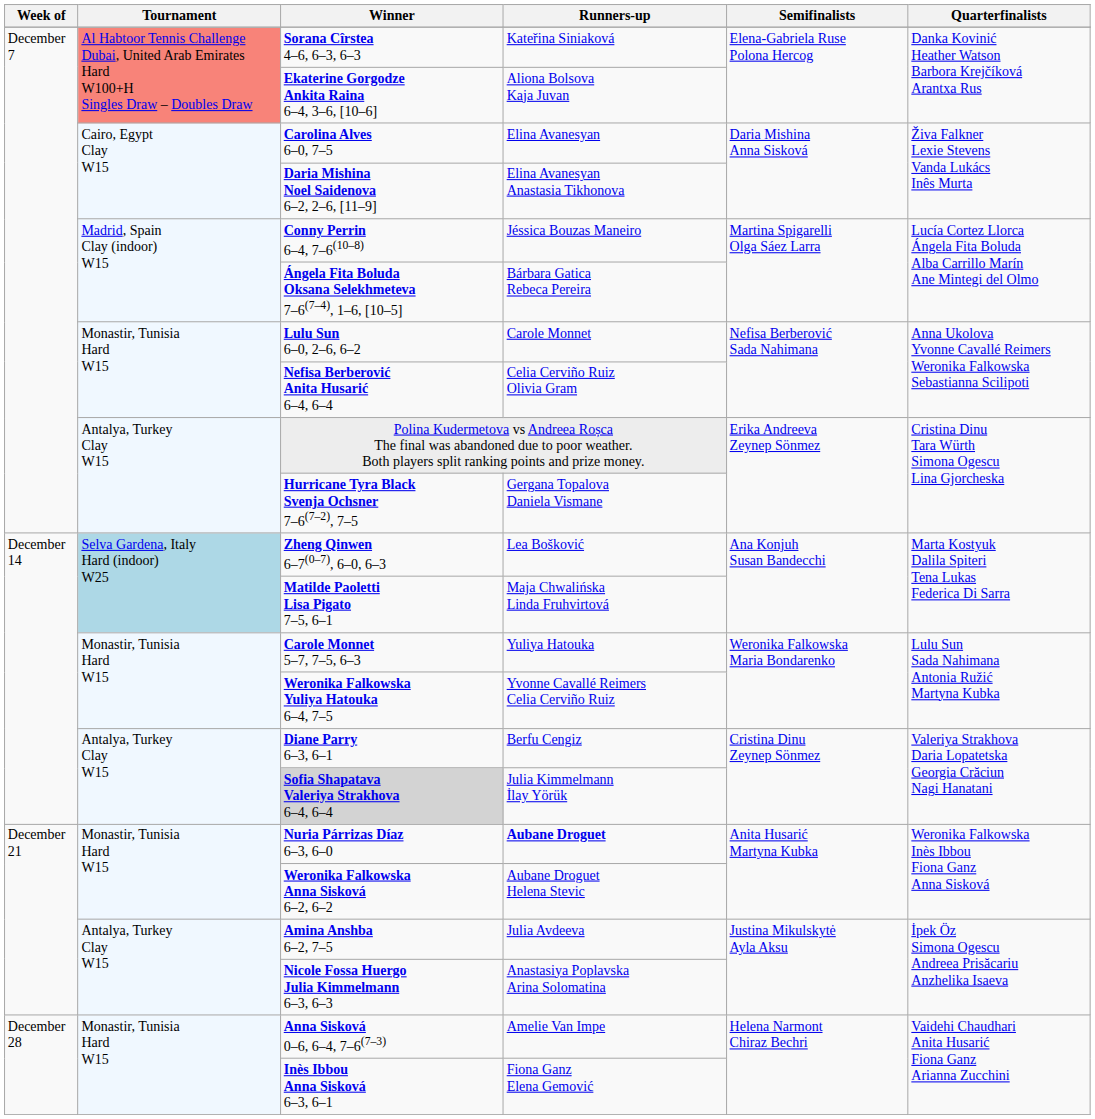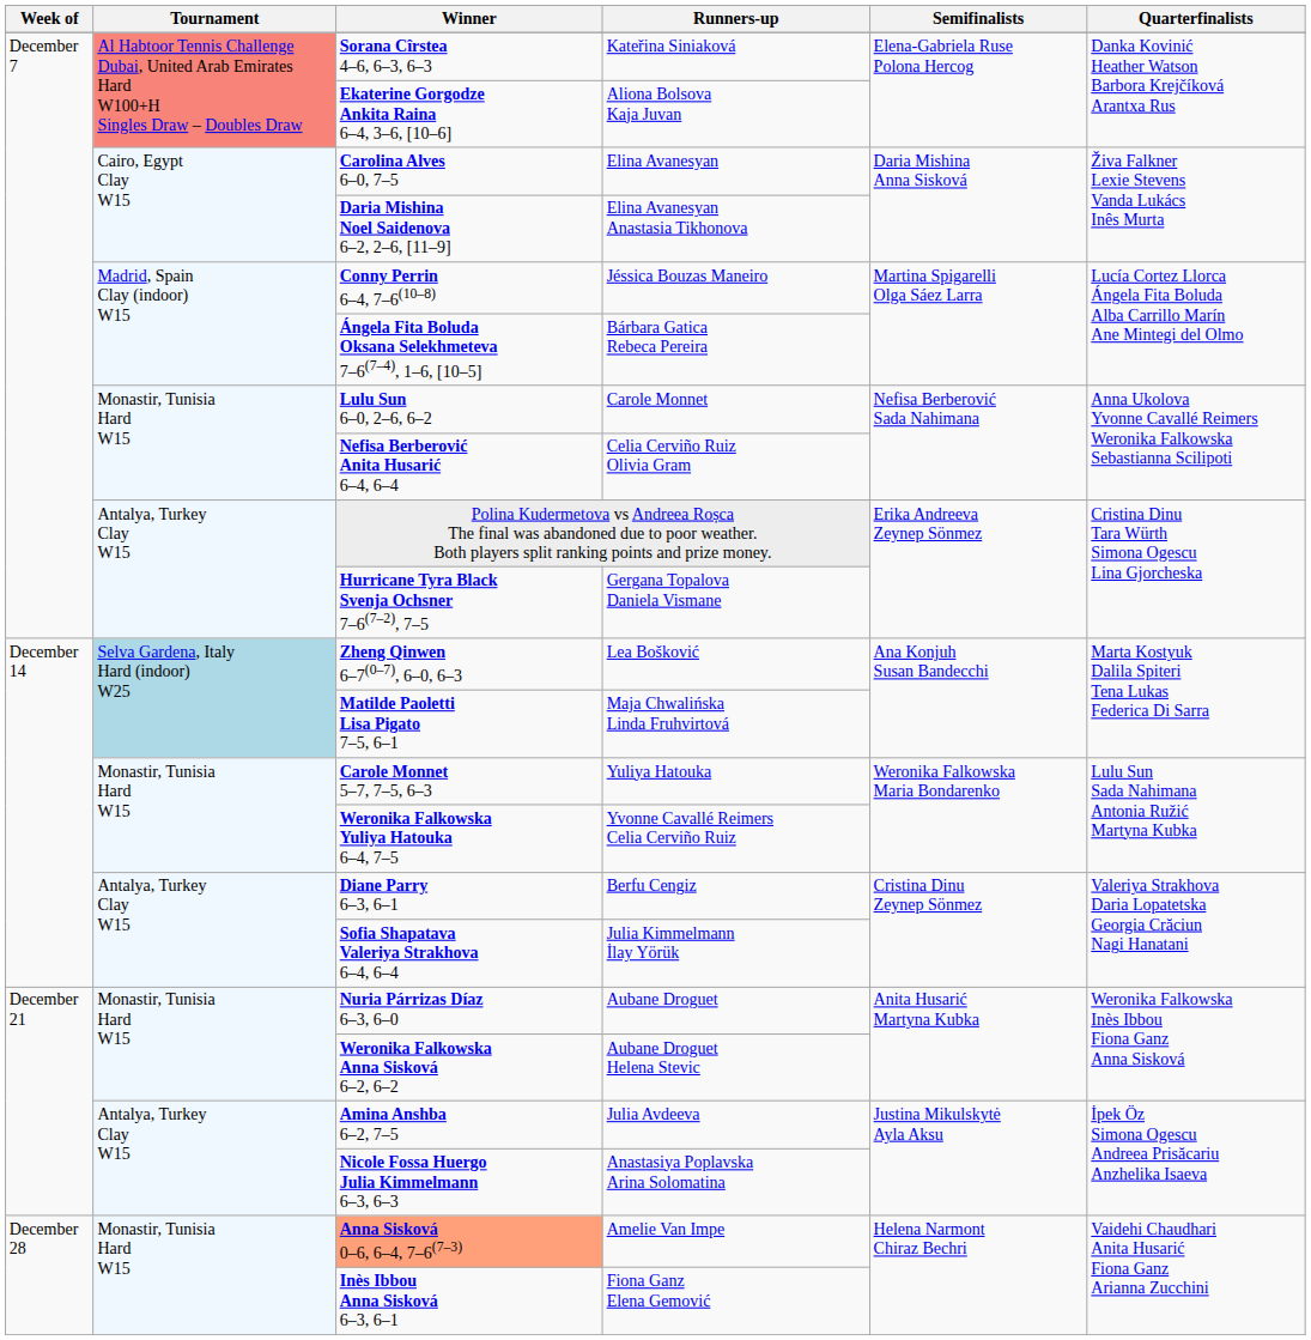 <table class="wikitable" style="font-size:85%;">
 <tr>
 <th width="65">Week of</th>
 <th style="width:190px;">Tournament</th>
 <th style="width:210px;">Winner</th>
 <th style="width:210px;">Runners-up</th>
 <th style="width:170px;">Semifinalists</th>
 <th style="width:170px;">Quarterfinalists</th>
 </tr>
 <tr style="vertical-align:top">
 </tr>
 <tr style="vertical-align:top">
 <td rowspan=11>December 7</td>
 </tr>
 <tr style="vertical-align:top">
 <td rowspan="2" style="background:#f88379;"><a href='#'>Al Habtoor Tennis Challenge</a> <br> <a href='#'>Dubai</a>, United Arab Emirates <br> Hard <br> W100+H <br> <a href='#'>Singles Draw</a> – <a href='#'>Doubles Draw</a></td>
 <td><strong> <a href='#'>Sorana Cîrstea</a></strong> <br> 4–6, 6–3, 6–3</td>
 <td> <a href='#'>Kateřina Siniaková</a></td>
 <td rowspan=2> <a href='#'>Elena-Gabriela Ruse</a> <br>  <a href='#'>Polona Hercog</a></td>
 <td rowspan=2> <a href='#'>Danka Kovinić</a> <br>  <a href='#'>Heather Watson</a> <br>  <a href='#'>Barbora Krejčíková</a> <br>  <a href='#'>Arantxa Rus</a></td>
 </tr>
 <tr style="vertical-align:top">
 <td> <strong><a href='#'>Ekaterine Gorgodze</a></strong> <br>  <strong><a href='#'>Ankita Raina</a></strong> <br> 6–4, 3–6, [10–6]</td>
 <td> <a href='#'>Aliona Bolsova</a> <br>  <a href='#'>Kaja Juvan</a></td>
 </tr>
 <tr style="vertical-align:top">
 <td rowspan="2" style="background:#f0f8ff;">Cairo, Egypt <br> Clay <br> W15 <br> </td>
 <td><strong> <a href='#'>Carolina Alves</a></strong> <br> 6–0, 7–5</td>
 <td> <a href='#'>Elina Avanesyan</a></td>
 <td rowspan=2> <a href='#'>Daria Mishina</a> <br>  <a href='#'>Anna Sisková</a></td>
 <td rowspan=2> <a href='#'>Živa Falkner</a> <br>  <a href='#'>Lexie Stevens</a> <br>  <a href='#'>Vanda Lukács</a> <br>  <a href='#'>Inês Murta</a></td>
 </tr>
 <tr style="vertical-align:top">
 <td><strong> <a href='#'>Daria Mishina</a> <br>  <a href='#'>Noel Saidenova</a></strong> <br> 6–2, 2–6, [11–9]</td>
 <td> <a href='#'>Elina Avanesyan</a> <br>  <a href='#'>Anastasia Tikhonova</a></td>
 </tr>
 <tr style="vertical-align:top">
 <td rowspan="2" style="background:#f0f8ff;"><a href='#'>Madrid</a>, Spain <br> Clay (indoor) <br> W15 <br> </td>
 <td><strong> <a href='#'>Conny Perrin</a></strong> <br> 6–4, 7–6<sup>(10–8)</sup></td>
 <td> <a href='#'>Jéssica Bouzas Maneiro</a></td>
 <td rowspan=2> <a href='#'>Martina Spigarelli</a> <br>  <a href='#'>Olga Sáez Larra</a></td>
 <td rowspan=2> <a href='#'>Lucía Cortez Llorca</a> <br>  <a href='#'>Ángela Fita Boluda</a> <br>  <a href='#'>Alba Carrillo Marín</a> <br>  <a href='#'>Ane Mintegi del Olmo</a></td>
 </tr>
 <tr style="vertical-align:top">
 <td> <strong><a href='#'>Ángela Fita Boluda</a></strong> <br>  <strong><a href='#'>Oksana Selekhmeteva</a></strong> <br> 7–6<sup>(7–4)</sup>, 1–6, [10–5]</td>
 <td> <a href='#'>Bárbara Gatica</a> <br>  <a href='#'>Rebeca Pereira</a></td>
 </tr>
 <tr style="vertical-align:top">
 <td rowspan="2" style="background:#f0f8ff;">Monastir, Tunisia <br> Hard <br> W15 <br> </td>
 <td><strong> <a href='#'>Lulu Sun</a></strong> <br> 6–0, 2–6, 6–2</td>
 <td> <a href='#'>Carole Monnet</a></td>
 <td rowspan=2> <a href='#'>Nefisa Berberović</a> <br>  <a href='#'>Sada Nahimana</a></td>
 <td rowspan=2> <a href='#'>Anna Ukolova</a> <br>  <a href='#'>Yvonne Cavallé Reimers</a> <br>  <a href='#'>Weronika Falkowska</a> <br>  <a href='#'>Sebastianna Scilipoti</a></td>
 </tr>
 <tr style="vertical-align:top">
 <td><strong> <a href='#'>Nefisa Berberović</a> <br>  <a href='#'>Anita Husarić</a></strong> <br> 6–4, 6–4</td>
 <td> <a href='#'>Celia Cerviño Ruiz</a> <br>  <a href='#'>Olivia Gram</a></td>
 </tr>
 <tr style="vertical-align:top">
 <td rowspan="2" style="background:#f0f8ff;">Antalya, Turkey <br> Clay <br> W15 <br> </td>
 <td colspan=2 rowspan=1 style="text-align:center; background:#ededed;"> <a href='#'>Polina Kudermetova</a> vs  <a href='#'>Andreea Roșca</a> <br> The final was abandoned due to poor weather. <br> Both players split ranking points and prize money.</td>
 <td rowspan=2> <a href='#'>Erika Andreeva</a> <br>  <a href='#'>Zeynep Sönmez</a></td>
 <td rowspan=2> <a href='#'>Cristina Dinu</a> <br>  <a href='#'>Tara Würth</a> <br>  <a href='#'>Simona Ogescu</a> <br>  <a href='#'>Lina Gjorcheska</a></td>
 </tr>
 <tr style="vertical-align:top">
 <td> <strong><a href='#'>Hurricane Tyra Black</a></strong> <br>  <strong><a href='#'>Svenja Ochsner</a></strong> <br> 7–6<sup>(7–2)</sup>, 7–5</td>
 <td> <a href='#'>Gergana Topalova</a> <br>  <a href='#'>Daniela Vismane</a></td>
 </tr>
 <tr style="vertical-align:top">
 <td rowspan=6>December 14</td>
 <td rowspan="2" style="background:lightblue;"><a href='#'>Selva Gardena</a>, Italy <br> Hard (indoor) <br> W25 <br> </td>
 <td><strong> <a href='#'>Zheng Qinwen</a></strong> <br> 6–7<sup>(0–7)</sup>, 6–0, 6–3</td>
 <td> <a href='#'>Lea Bošković</a></td>
 <td rowspan=2> <a href='#'>Ana Konjuh</a> <br>  <a href='#'>Susan Bandecchi</a></td>
 <td rowspan=2> <a href='#'>Marta Kostyuk</a> <br>  <a href='#'>Dalila Spiteri</a> <br> <a href='#'>Tena Lukas</a> <br>  <a href='#'>Federica Di Sarra</a></td>
 </tr>
 <tr style="vertical-align:top">
 <td><strong> <a href='#'>Matilde Paoletti</a> <br>  <a href='#'>Lisa Pigato</a></strong> <br> 7–5, 6–1</td>
 <td> <a href='#'>Maja Chwalińska</a> <br>  <a href='#'>Linda Fruhvirtová</a></td>
 </tr>
 <tr style="vertical-align:top">
 <td rowspan="2" style="background:#f0f8ff;">Monastir, Tunisia <br> Hard <br> W15 <br> </td>
 <td><strong> <a href='#'>Carole Monnet</a></strong> <br> 5–7, 7–5, 6–3</td>
 <td> <a href='#'>Yuliya Hatouka</a></td>
 <td rowspan=2> <a href='#'>Weronika Falkowska</a> <br>  <a href='#'>Maria Bondarenko</a></td>
 <td rowspan=2> <a href='#'>Lulu Sun</a> <br>  <a href='#'>Sada Nahimana</a> <br>  <a href='#'>Antonia Ružić</a> <br>  <a href='#'>Martyna Kubka</a></td>
 </tr>
 <tr style="vertical-align:top">
 <td><strong> <a href='#'>Weronika Falkowska</a> <br>  <a href='#'>Yuliya Hatouka</a></strong> <br> 6–4, 7–5</td>
 <td> <a href='#'>Yvonne Cavallé Reimers</a> <br>  <a href='#'>Celia Cerviño Ruiz</a></td>
 </tr>
 <tr style="vertical-align:top">
 <td rowspan="2" style="background:#f0f8ff;">Antalya, Turkey <br> Clay <br> W15 <br> </td>
 <td><strong> <a href='#'>Diane Parry</a></strong> <br> 6–3, 6–1</td>
 <td> <a href='#'>Berfu Cengiz</a></td>
 <td rowspan=2> <a href='#'>Cristina Dinu</a> <br>  <a href='#'>Zeynep Sönmez</a></td>
 <td rowspan=2> <a href='#'>Valeriya Strakhova</a> <br>  <a href='#'>Daria Lopatetska</a> <br>  <a href='#'>Georgia Crăciun</a> <br>  <a href='#'>Nagi Hanatani</a></td>
 </tr>
 <tr style="vertical-align:top">
-<td style="background: lightgrey;"><strong> <a href='#'>Sofia Shapatava</a> <br>  <a href='#'>Valeriya Strakhova</a></strong> <br> 6–4, 6–4</td>
+<td><strong> <a href='#'>Sofia Shapatava</a> <br>  <a href='#'>Valeriya Strakhova</a></strong> <br> 6–4, 6–4</td>
 <td> <a href='#'>Julia Kimmelmann</a> <br>  <a href='#'>İlay Yörük</a></td>
 </tr>
 <tr style="vertical-align:top">
 <td rowspan=4>December 21</td>
 <td rowspan="2" style="background:#f0f8ff;">Monastir, Tunisia <br> Hard <br> W15 <br> </td>
 <td><strong> <a href='#'>Nuria Párrizas Díaz</a></strong> <br> 6–3, 6–0</td>
-<td><strong> <a href='#'>Aubane Droguet</a></strong></td>
+<td> <a href='#'>Aubane Droguet</a></td>
 <td rowspan=2> <a href='#'>Anita Husarić</a> <br>  <a href='#'>Martyna Kubka</a></td>
 <td rowspan=2> <a href='#'>Weronika Falkowska</a> <br>  <a href='#'>Inès Ibbou</a> <br>  <a href='#'>Fiona Ganz</a> <br>  <a href='#'>Anna Sisková</a></td>
 </tr>
 <tr style="vertical-align:top">
 <td><strong> <a href='#'>Weronika Falkowska</a> <br>  <a href='#'>Anna Sisková</a></strong> <br> 6–2, 6–2</td>
 <td> <a href='#'>Aubane Droguet</a> <br>  <a href='#'>Helena Stevic</a></td>
 </tr>
 <tr style="vertical-align:top">
 <td rowspan="2" style="background:#f0f8ff;">Antalya, Turkey <br> Clay <br> W15 <br> </td>
 <td><strong> <a href='#'>Amina Anshba</a></strong> <br> 6–2, 7–5</td>
 <td> <a href='#'>Julia Avdeeva</a></td>
 <td rowspan=2> <a href='#'>Justina Mikulskytė</a> <br>  <a href='#'>Ayla Aksu</a></td>
 <td rowspan=2> <a href='#'>İpek Öz</a> <br>  <a href='#'>Simona Ogescu</a> <br>  <a href='#'>Andreea Prisăcariu</a> <br>  <a href='#'>Anzhelika Isaeva</a></td>
 </tr>
 <tr style="vertical-align:top">
 <td><strong> <a href='#'>Nicole Fossa Huergo</a> <br>  <a href='#'>Julia Kimmelmann</a></strong> <br> 6–3, 6–3</td>
 <td> <a href='#'>Anastasiya Poplavska</a> <br>  <a href='#'>Arina Solomatina</a></td>
 </tr>
 <tr style="vertical-align:top">
 <td rowspan=2>December 28</td>
 <td rowspan="2" style="background:#f0f8ff;">Monastir, Tunisia <br> Hard <br> W15 <br> </td>
-<td><strong> <a href='#'>Anna Sisková</a></strong> <br> 0–6, 6–4, 7–6<sup>(7–3)</sup></td>
+<td style="background: lightsalmon;"><strong> <a href='#'>Anna Sisková</a></strong> <br> 0–6, 6–4, 7–6<sup>(7–3)</sup></td>
 <td> <a href='#'>Amelie Van Impe</a></td>
 <td rowspan=2> <a href='#'>Helena Narmont</a> <br>  <a href='#'>Chiraz Bechri</a></td>
 <td rowspan=2> <a href='#'>Vaidehi Chaudhari</a> <br>  <a href='#'>Anita Husarić</a> <br>  <a href='#'>Fiona Ganz</a> <br>  <a href='#'>Arianna Zucchini</a></td>
 </tr>
 <tr style="vertical-align:top">
 <td><strong> <a href='#'>Inès Ibbou</a> <br>  <a href='#'>Anna Sisková</a></strong> <br> 6–3, 6–1</td>
 <td> <a href='#'>Fiona Ganz</a> <br>  <a href='#'>Elena Gemović</a></td>
 </tr>
 <tr style="vertical-align:top">
 </tr>
 </table>
